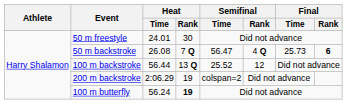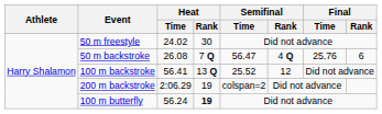 <table class=wikitable style=font-size:90%>
 <tr>
 <th rowspan=2>Athlete</th>
 <th rowspan=2>Event</th>
 <th colspan=2>Heat</th>
 <th colspan=2>Semifinal</th>
 <th colspan=2>Final</th>
 </tr>
 <tr style=font-size:95%>
 <th>Time</th>
 <th>Rank</th>
 <th>Time</th>
 <th>Rank</th>
 <th>Time</th>
 <th>Rank</th>
 </tr>
 <tr align=center>
 <td align=left rowspan=5><a href='#'>Harry Shalamon</a></td>
 <td align=left><a href='#'>50 m freestyle</a></td>
-<td>24.01</td>
+<td>24.02</td>
 <td>30</td>
 <td colspan=4>Did not advance</td>
 </tr>
 <tr align=center>
 <td align=left><a href='#'>50 m backstroke</a></td>
 <td>26.08</td>
 <td>7 <strong>Q</strong></td>
 <td>56.47</td>
 <td>4 <strong>Q</strong></td>
-<td>25.73</td>
-<td><strong>6</strong></td>
+<td>25.76</td>
+<td>6</td>
 </tr>
 <tr align=center>
 <td align=left><a href='#'>100 m backstroke</a></td>
-<td>56.44</td>
+<td>56.41</td>
 <td>13 <strong>Q</strong></td>
 <td>25.52</td>
 <td>12</td>
 <td colspan=2>Did not advance</td>
 </tr>
 <tr align=center>
 <td align=left><a href='#'>200 m backstroke</a></td>
 <td>2:06.29</td>
 <td>19</td>
 <td>colspan=2 </td>
 <td colspan=2>Did not advance</td>
 </tr>
 <tr align=center>
 <td align=left><a href='#'>100 m butterfly</a></td>
 <td>56.24</td>
 <td><strong>19</strong></td>
 <td colspan=4>Did not advance</td>
 </tr>
 </table>
